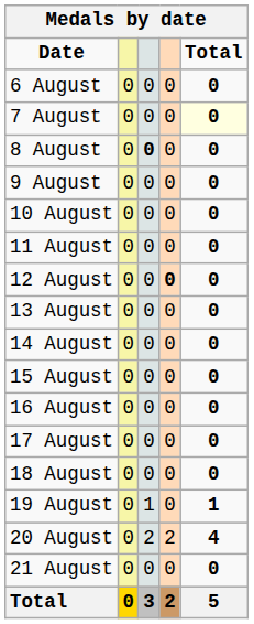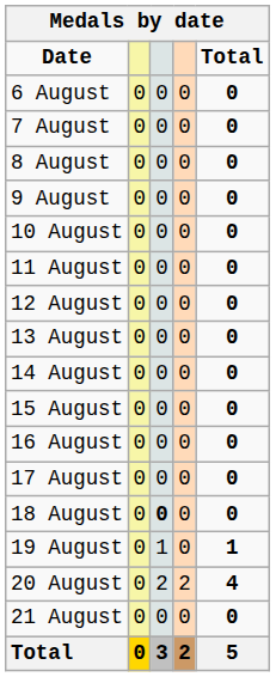 <table class="wikitable" style="text-align:center;font-size:90%">
 <tr style="background:#efefef;">
 <th colspan=7>Medals by date</th>
 </tr>
 <tr>
 <td><strong>Date</strong></td>
 <td bgcolor=#f7f6a8></td>
 <td bgcolor=#dce5e5></td>
 <td bgcolor=#ffdab9></td>
 <td><strong>Total</strong></td>
 </tr>
 <tr>
 <td style="text-align:left;">6 August</td>
 <td style="background:#F7F6A8;">0</td>
 <td style="background:#DCE5E5;">0</td>
 <td style="background:#FFDAB9;">0</td>
 <td><strong>0</strong></td>
 </tr>
 <tr>
 <td style="text-align:left;">7 August</td>
 <td style="background:#F7F6A8;">0</td>
 <td style="background:#DCE5E5;">0</td>
 <td style="background:#FFDAB9;">0</td>
-<td style="background: lightyellow;"><strong>0</strong></td>
+<td><strong>0</strong></td>
 </tr>
 <tr>
 <td style="text-align:left;">8 August</td>
 <td style="background:#F7F6A8;">0</td>
-<td style="background:#DCE5E5;"><strong>0</strong></td>
+<td style="background:#DCE5E5;">0</td>
 <td style="background:#FFDAB9;">0</td>
 <td><strong>0</strong></td>
 </tr>
 <tr>
 <td style="text-align:left;">9 August</td>
 <td style="background:#F7F6A8;">0</td>
 <td style="background:#DCE5E5;">0</td>
 <td style="background:#FFDAB9;">0</td>
 <td><strong>0</strong></td>
 </tr>
 <tr>
 <td style="text-align:left;">10 August</td>
 <td style="background:#F7F6A8;">0</td>
 <td style="background:#DCE5E5;">0</td>
 <td style="background:#FFDAB9;">0</td>
 <td><strong>0</strong></td>
 </tr>
 <tr>
 <td style="text-align:left;">11 August</td>
 <td style="background:#F7F6A8;">0</td>
 <td style="background:#DCE5E5;">0</td>
 <td style="background:#FFDAB9;">0</td>
 <td><strong>0</strong></td>
 </tr>
 <tr>
 <td style="text-align:left;">12 August</td>
 <td style="background:#F7F6A8;">0</td>
 <td style="background:#DCE5E5;">0</td>
-<td style="background:#FFDAB9;"><strong>0</strong></td>
+<td style="background:#FFDAB9;">0</td>
 <td><strong>0</strong></td>
 </tr>
 <tr>
 <td style="text-align:left;">13 August</td>
 <td style="background:#F7F6A8;">0</td>
 <td style="background:#DCE5E5;">0</td>
 <td style="background:#FFDAB9;">0</td>
 <td><strong>0</strong></td>
 </tr>
 <tr>
 <td style="text-align:left;">14 August</td>
 <td style="background:#F7F6A8;">0</td>
 <td style="background:#DCE5E5;">0</td>
 <td style="background:#FFDAB9;">0</td>
 <td><strong>0</strong></td>
 </tr>
 <tr>
 <td style="text-align:left;">15 August</td>
 <td style="background:#F7F6A8;">0</td>
 <td style="background:#DCE5E5;">0</td>
 <td style="background:#FFDAB9;">0</td>
 <td><strong>0</strong></td>
 </tr>
 <tr>
 <td style="text-align:left;">16 August</td>
 <td style="background:#F7F6A8;">0</td>
 <td style="background:#DCE5E5;">0</td>
 <td style="background:#FFDAB9;">0</td>
 <td><strong>0</strong></td>
 </tr>
 <tr>
 <td style="text-align:left;">17 August</td>
 <td style="background:#F7F6A8;">0</td>
 <td style="background:#DCE5E5;">0</td>
 <td style="background:#FFDAB9;">0</td>
 <td><strong>0</strong></td>
 </tr>
 <tr>
 <td style="text-align:left;">18 August</td>
 <td style="background:#F7F6A8;">0</td>
-<td style="background:#DCE5E5;">0</td>
+<td style="background:#DCE5E5;"><strong>0</strong></td>
 <td style="background:#FFDAB9;">0</td>
 <td><strong>0</strong></td>
 </tr>
 <tr>
 <td style="text-align:left;">19 August</td>
 <td style="background:#F7F6A8;">0</td>
 <td style="background:#DCE5E5;">1</td>
 <td style="background:#FFDAB9;">0</td>
 <td><strong>1</strong></td>
 </tr>
 <tr>
 <td style="text-align:left;">20 August</td>
 <td style="background:#F7F6A8;">0</td>
 <td style="background:#DCE5E5;">2</td>
 <td style="background:#FFDAB9;">2</td>
 <td><strong>4</strong></td>
 </tr>
 <tr>
 <td style="text-align:left;">21 August</td>
 <td style="background:#F7F6A8;">0</td>
 <td style="background:#DCE5E5;">0</td>
 <td style="background:#FFDAB9;">0</td>
 <td><strong>0</strong></td>
 </tr>
 <tr>
 <th style="text-align:left;">Total</th>
 <th style="background:gold;">0</th>
 <th style="background:silver;">3</th>
 <th style="background:#c96;">2</th>
 <th>5</th>
 </tr>
 </table>
